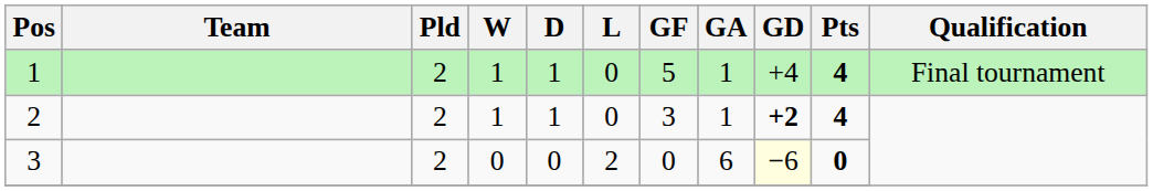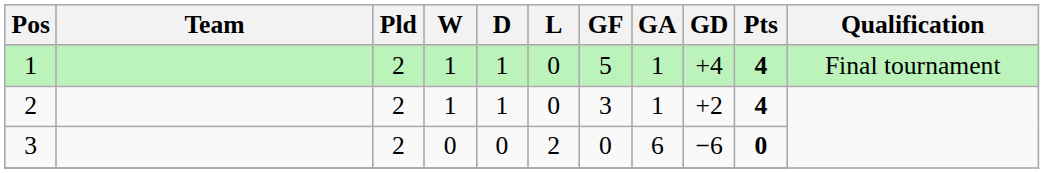 <table class="wikitable" border="1" style="text-align: center;">
 <tr>
 <th width="25"><abbr>Pos</abbr></th>
 <th width="190">Team</th>
 <th width="25"><abbr>Pld</abbr></th>
 <th width="25"><abbr>W</abbr></th>
 <th width="25"><abbr>D</abbr></th>
 <th width="25"><abbr>L</abbr></th>
 <th width="25"><abbr>GF</abbr></th>
 <th width="25"><abbr>GA</abbr></th>
 <th width="25"><abbr>GD</abbr></th>
 <th width="25"><abbr>Pts</abbr></th>
 <th width="150">Qualification</th>
 </tr>
 <tr bgcolor = #BBF3BB>
 <td>1</td>
 <td align="left"></td>
 <td>2</td>
 <td>1</td>
 <td>1</td>
 <td>0</td>
 <td>5</td>
 <td>1</td>
 <td>+4</td>
 <td><strong>4</strong></td>
 <td>Final tournament</td>
 </tr>
 <tr>
 <td>2</td>
 <td align="left"></td>
 <td>2</td>
 <td>1</td>
 <td>1</td>
 <td>0</td>
 <td>3</td>
 <td>1</td>
-<td><strong>+2</strong></td>
+<td>+2</td>
 <td><strong>4</strong></td>
 </tr>
 <tr>
 <td>3</td>
 <td align="left"></td>
 <td>2</td>
 <td>0</td>
 <td>0</td>
 <td>2</td>
 <td>0</td>
 <td>6</td>
-<td style="background: lightyellow;">−6</td>
+<td>−6</td>
 <td><strong>0</strong></td>
 </tr>
 <tr>
 </tr>
 </table>
